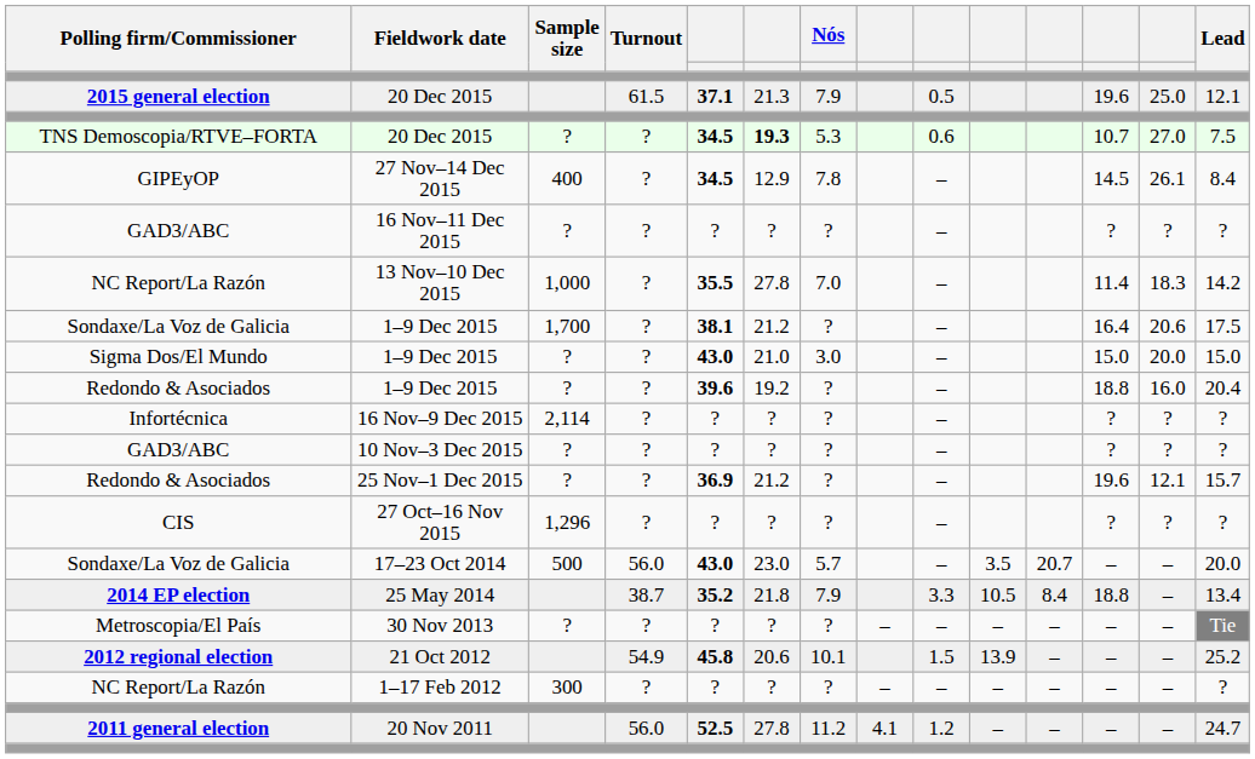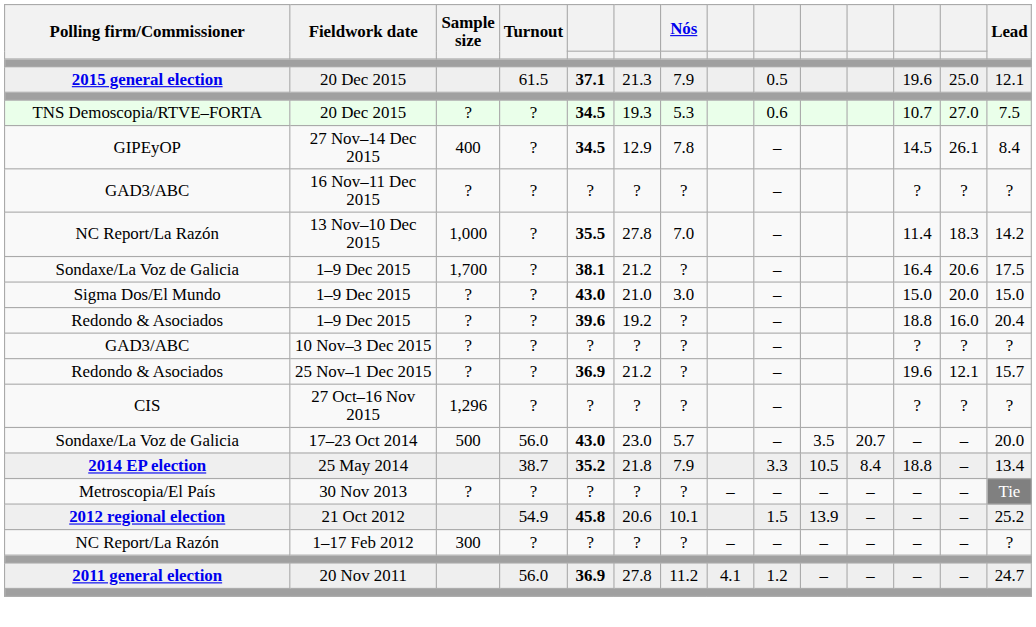 <table class="wikitable collapsible collapsed" style="text-align:center; font-size:95%; line-height:16px;">
 <tr style="height:42px; background-color:#E9E9E9">
 <th style="width:250px;" rowspan="2">Polling firm/Commissioner</th>
 <th style="width:125px;" rowspan="2">Fieldwork date</th>
 <th style="width:50px;" rowspan="2">Sample size</th>
 <th style="width:45px;" rowspan="2">Turnout</th>
 <th style="width:35px;"></th>
 <th style="width:35px;"></th>
 <th style="width:35px;"><a href='#'>Nós</a></th>
 <th style="width:35px;"></th>
 <th style="width:35px;"></th>
 <th style="width:35px;"></th>
 <th style="width:35px;"></th>
 <th style="width:35px;"></th>
 <th style="width:35px;"></th>
 <th style="width:30px;" rowspan="2">Lead</th>
 </tr>
 <tr>
 <th style="color:inherit;background:"></th>
 <th style="color:inherit;background:"></th>
 <th style="color:inherit;background:"></th>
 <th style="color:inherit;background:"></th>
 <th style="color:inherit;background:"></th>
 <th style="color:inherit;background:"></th>
 <th style="color:inherit;background:"></th>
 <th style="color:inherit;background:"></th>
 <th style="color:inherit;background:"></th>
 </tr>
 <tr>
 <td colspan="14" style="background:#A0A0A0"></td>
 </tr>
 <tr style="background:#EFEFEF;">
 <td><strong><a href='#'>2015 general election</a></strong></td>
 <td>20 Dec 2015</td>
 <td></td>
 <td>61.5</td>
 <td><strong>37.1</strong><br></td>
 <td>21.3<br></td>
 <td>7.9<br></td>
 <td></td>
 <td>0.5<br></td>
 <td></td>
 <td></td>
 <td>19.6<br></td>
 <td>25.0<br></td>
 <td style="background:">12.1</td>
 </tr>
 <tr>
 <td colspan="14" style="background:#A0A0A0"></td>
 </tr>
 <tr style="background:#EAFFEA;">
 <td>TNS Demoscopia/RTVE–FORTA</td>
 <td>20 Dec 2015</td>
 <td>?</td>
 <td>?</td>
 <td><strong>34.5</strong><br></td>
-<td><strong>19.3<br></strong></td>
+<td>19.3<br></td>
 <td>5.3<br></td>
 <td></td>
 <td>0.6<br></td>
 <td></td>
 <td></td>
 <td>10.7<br></td>
 <td>27.0<br></td>
 <td style="background:">7.5</td>
 </tr>
 <tr>
 <td>GIPEyOP</td>
 <td>27 Nov–14 Dec 2015</td>
 <td>400</td>
 <td>?</td>
 <td><strong>34.5</strong><br></td>
 <td>12.9<br></td>
 <td>7.8<br></td>
 <td></td>
 <td>–</td>
 <td></td>
 <td></td>
 <td>14.5<br></td>
 <td>26.1<br></td>
 <td style="background:">8.4</td>
 </tr>
 <tr>
 <td>GAD3/ABC</td>
 <td>16 Nov–11 Dec 2015</td>
 <td>?</td>
 <td>?</td>
 <td>?<br></td>
 <td>?<br></td>
 <td>?<br></td>
 <td></td>
 <td>–</td>
 <td></td>
 <td></td>
 <td>?<br></td>
 <td>?<br></td>
 <td style="background:">?</td>
 </tr>
 <tr>
 <td>NC Report/La Razón</td>
 <td>13 Nov–10 Dec 2015</td>
 <td>1,000</td>
 <td>?</td>
 <td><strong>35.5</strong><br></td>
 <td>27.8<br></td>
 <td>7.0<br></td>
 <td></td>
 <td>–</td>
 <td></td>
 <td></td>
 <td>11.4<br></td>
 <td>18.3<br></td>
 <td style="background:">14.2</td>
 </tr>
 <tr>
 <td>Sondaxe/La Voz de Galicia</td>
 <td>1–9 Dec 2015</td>
 <td>1,700</td>
 <td>?</td>
 <td><strong>38.1</strong><br></td>
 <td>21.2<br></td>
 <td>?<br></td>
 <td></td>
 <td>–</td>
 <td></td>
 <td></td>
 <td>16.4<br></td>
 <td>20.6<br></td>
 <td style="background:">17.5</td>
 </tr>
 <tr>
 <td>Sigma Dos/El Mundo</td>
 <td>1–9 Dec 2015</td>
 <td>?</td>
 <td>?</td>
 <td><strong>43.0</strong></td>
 <td>21.0<br></td>
 <td>3.0<br></td>
 <td></td>
 <td>–</td>
 <td></td>
 <td></td>
 <td>15.0<br></td>
 <td>20.0<br></td>
 <td style="background:">15.0</td>
 </tr>
 <tr>
 <td>Redondo & Asociados</td>
 <td>1–9 Dec 2015</td>
 <td>?</td>
 <td>?</td>
 <td><strong>39.6</strong><br></td>
 <td>19.2<br></td>
 <td>?<br></td>
 <td></td>
 <td>–</td>
 <td></td>
 <td></td>
 <td>18.8<br></td>
 <td>16.0<br></td>
 <td style="background:">20.4</td>
-</tr>
-<tr>
-<td>Infortécnica</td>
-<td>16 Nov–9 Dec 2015</td>
-<td>2,114</td>
-<td>?</td>
-<td>?<br></td>
-<td>?<br></td>
-<td>?<br></td>
-<td></td>
-<td>–</td>
-<td></td>
-<td></td>
-<td>?<br></td>
-<td>?<br></td>
-<td style="background:">?</td>
 </tr>
 <tr>
 <td>GAD3/ABC</td>
 <td>10 Nov–3 Dec 2015</td>
 <td>?</td>
 <td>?</td>
 <td>?<br></td>
 <td>?<br></td>
 <td>?<br></td>
 <td></td>
 <td>–</td>
 <td></td>
 <td></td>
 <td>?<br></td>
 <td>?<br></td>
 <td style="background:">?</td>
 </tr>
 <tr>
 <td>Redondo & Asociados</td>
 <td>25 Nov–1 Dec 2015</td>
 <td>?</td>
 <td>?</td>
 <td><strong>36.9</strong><br></td>
 <td>21.2<br></td>
 <td>?<br></td>
 <td></td>
 <td>–</td>
 <td></td>
 <td></td>
 <td>19.6<br></td>
 <td>12.1<br></td>
 <td style="background:">15.7</td>
 </tr>
 <tr>
 <td>CIS</td>
 <td>27 Oct–16 Nov 2015</td>
 <td>1,296</td>
 <td>?</td>
 <td>?<br></td>
 <td>?<br></td>
 <td>?<br></td>
 <td></td>
 <td>–</td>
 <td></td>
 <td></td>
 <td>?<br></td>
 <td>?<br></td>
 <td style="background:">?</td>
 </tr>
 <tr>
 <td>Sondaxe/La Voz de Galicia</td>
 <td>17–23 Oct 2014</td>
 <td>500</td>
 <td>56.0</td>
 <td><strong>43.0</strong></td>
 <td>23.0</td>
 <td>5.7</td>
 <td></td>
 <td>–</td>
 <td>3.5</td>
 <td>20.7</td>
 <td>–</td>
 <td>–</td>
 <td style="background:">20.0</td>
 </tr>
 <tr style="background:#EFEFEF;">
 <td><strong><a href='#'>2014 EP election</a></strong></td>
 <td>25 May 2014</td>
 <td></td>
 <td>38.7</td>
 <td><strong>35.2</strong><br></td>
 <td>21.8<br></td>
 <td>7.9<br></td>
 <td></td>
 <td>3.3<br></td>
 <td>10.5<br></td>
 <td>8.4<br></td>
 <td>18.8<br></td>
 <td>–</td>
 <td style="background:">13.4</td>
 </tr>
 <tr>
 <td>Metroscopia/El País</td>
 <td>30 Nov 2013</td>
 <td>?</td>
 <td>?</td>
 <td>?<br></td>
 <td>?<br></td>
 <td>?<br></td>
 <td>–</td>
 <td>–</td>
 <td>–</td>
 <td>–</td>
 <td>–</td>
 <td>–</td>
 <td style="background:gray;color:white;">Tie</td>
 </tr>
 <tr style="background:#EFEFEF;">
 <td><strong><a href='#'>2012 regional election</a></strong></td>
 <td>21 Oct 2012</td>
 <td></td>
 <td>54.9</td>
 <td><strong>45.8</strong><br></td>
 <td>20.6<br></td>
 <td>10.1<br></td>
 <td></td>
 <td>1.5<br></td>
 <td>13.9<br></td>
 <td>–</td>
 <td>–</td>
 <td>–</td>
 <td style="background:">25.2</td>
 </tr>
 <tr>
 <td>NC Report/La Razón</td>
 <td>1–17 Feb 2012</td>
 <td>300</td>
 <td>?</td>
 <td>?<br></td>
 <td>?<br></td>
 <td>?<br></td>
 <td>–</td>
 <td>–</td>
 <td>–</td>
 <td>–</td>
 <td>–</td>
 <td>–</td>
 <td style="background:">?</td>
 </tr>
 <tr>
 <td colspan="14" style="background:#A0A0A0"></td>
 </tr>
 <tr style="background:#EFEFEF;">
 <td><strong><a href='#'>2011 general election</a></strong></td>
 <td>20 Nov 2011</td>
 <td></td>
 <td>56.0</td>
-<td><strong>52.5</strong><br></td>
+<td><strong>36.9</strong><br></td>
 <td>27.8<br></td>
 <td>11.2<br></td>
 <td>4.1<br></td>
 <td>1.2<br></td>
 <td>–</td>
 <td>–</td>
 <td>–</td>
 <td>–</td>
 <td style="background:">24.7</td>
 </tr>
 <tr>
 <td colspan="14" style="background:#A0A0A0"></td>
 </tr>
 </table>
